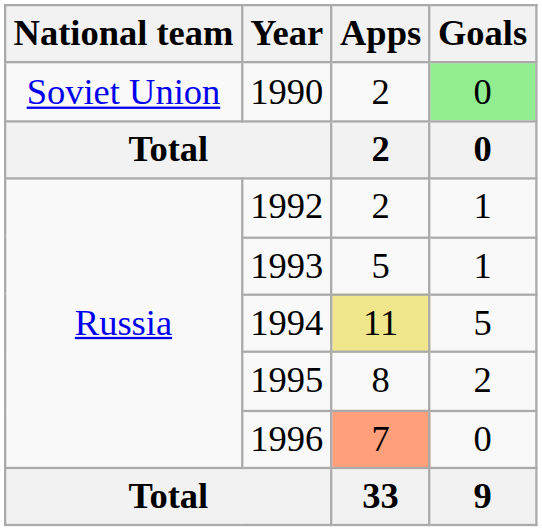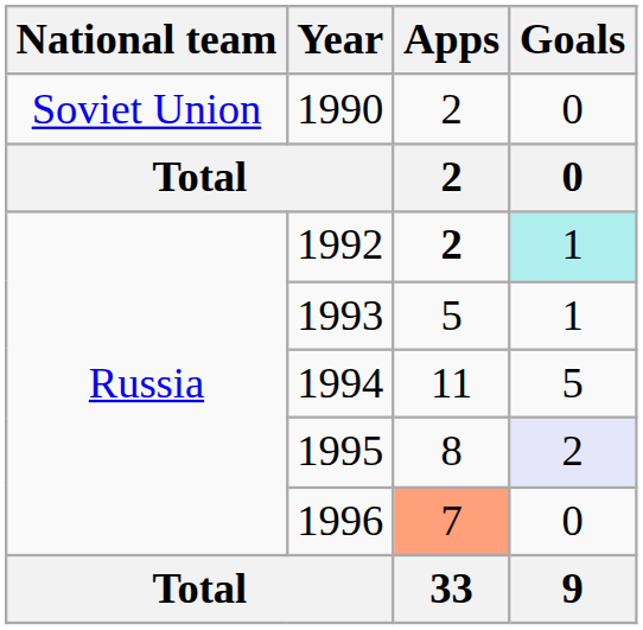 <table class="wikitable" style="text-align:center">
 <tr>
 <th>National team</th>
 <th>Year</th>
 <th>Apps</th>
 <th>Goals</th>
 </tr>
 <tr>
 <td><a href='#'>Soviet Union</a></td>
 <td>1990</td>
 <td>2</td>
-<td style="background: lightgreen;">0</td>
+<td>0</td>
 </tr>
 <tr>
 <th colspan="2">Total</th>
 <th>2</th>
 <th>0</th>
 </tr>
 <tr>
 <td rowspan="5"><a href='#'>Russia</a></td>
 <td>1992</td>
-<td>2</td>
-<td>1</td>
+<td><strong>2</strong></td>
+<td style="background: paleturquoise;">1</td>
 </tr>
 <tr>
 <td>1993</td>
 <td>5</td>
 <td>1</td>
 </tr>
 <tr>
 <td>1994</td>
-<td style="background: khaki;">11</td>
+<td>11</td>
 <td>5</td>
 </tr>
 <tr>
 <td>1995</td>
 <td>8</td>
-<td>2</td>
+<td style="background: lavender;">2</td>
 </tr>
 <tr>
 <td>1996</td>
 <td style="background: lightsalmon;">7</td>
 <td>0</td>
 </tr>
 <tr>
 <th colspan="2">Total</th>
 <th>33</th>
 <th>9</th>
 </tr>
 </table>
